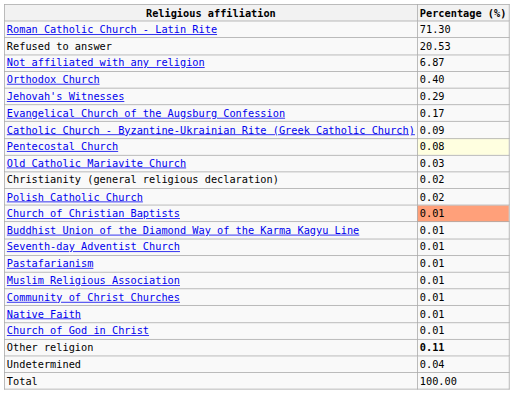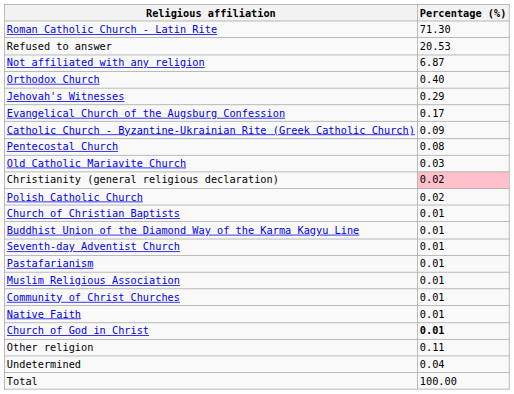 <table class="wikitable">
 <tr>
 <th>Religious affiliation</th>
 <th>Percentage (%)</th>
 </tr>
 <tr>
 <td><a href='#'>Roman Catholic Church - Latin Rite</a></td>
 <td>71.30</td>
 </tr>
 <tr>
 <td>Refused to answer</td>
 <td>20.53</td>
 </tr>
 <tr>
 <td><a href='#'>Not affiliated with any religion</a></td>
 <td>6.87</td>
 </tr>
 <tr>
 <td><a href='#'>Orthodox Church</a></td>
 <td>0.40</td>
 </tr>
 <tr>
 <td><a href='#'>Jehovah's Witnesses</a></td>
 <td>0.29</td>
 </tr>
 <tr>
 <td><a href='#'>Evangelical Church of the Augsburg Confession</a></td>
 <td>0.17</td>
 </tr>
 <tr>
 <td><a href='#'>Catholic Church - Byzantine-Ukrainian Rite (Greek Catholic Church)</a></td>
 <td>0.09</td>
 </tr>
 <tr>
 <td><a href='#'>Pentecostal Church</a></td>
-<td style="background: lightyellow;">0.08</td>
+<td>0.08</td>
 </tr>
 <tr>
 <td><a href='#'>Old Catholic Mariavite Church</a></td>
 <td>0.03</td>
 </tr>
 <tr>
 <td>Christianity (general religious declaration)</td>
-<td>0.02</td>
+<td style="background: pink;">0.02</td>
 </tr>
 <tr>
 <td><a href='#'>Polish Catholic Church</a></td>
 <td>0.02</td>
 </tr>
 <tr>
 <td><a href='#'>Church of Christian Baptists</a></td>
-<td style="background: lightsalmon;">0.01</td>
+<td>0.01</td>
 </tr>
 <tr>
 <td><a href='#'>Buddhist Union of the Diamond Way of the Karma Kagyu Line</a></td>
 <td>0.01</td>
 </tr>
 <tr>
 <td><a href='#'>Seventh-day Adventist Church</a></td>
 <td>0.01</td>
 </tr>
 <tr>
 <td><a href='#'>Pastafarianism</a></td>
 <td>0.01</td>
 </tr>
 <tr>
 <td><a href='#'>Muslim Religious Association</a></td>
 <td>0.01</td>
 </tr>
 <tr>
 <td><a href='#'>Community of Christ Churches</a></td>
 <td>0.01</td>
 </tr>
 <tr>
 <td><a href='#'>Native Faith</a></td>
 <td>0.01</td>
 </tr>
 <tr>
 <td><a href='#'>Church of God in Christ</a></td>
-<td>0.01</td>
+<td><strong>0.01</strong></td>
 </tr>
 <tr>
 <td>Other religion</td>
-<td><strong>0.11</strong></td>
+<td>0.11</td>
 </tr>
 <tr>
 <td>Undetermined</td>
 <td>0.04</td>
 </tr>
 <tr>
 <td>Total</td>
 <td>100.00</td>
 </tr>
 </table>
